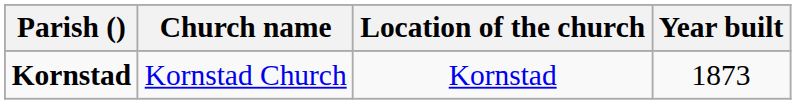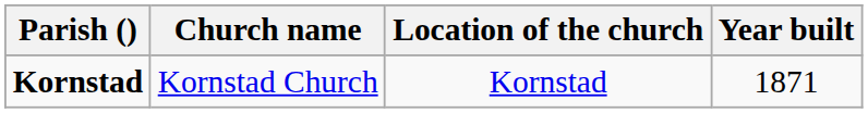 <table class="wikitable" style="text-align:center">
 <tr>
 <th>Parish ()</th>
 <th>Church name</th>
 <th>Location of the church</th>
 <th>Year built</th>
 </tr>
 <tr>
 <td rowspan="1"><strong>Kornstad</strong></td>
 <td><a href='#'>Kornstad Church</a></td>
 <td><a href='#'>Kornstad</a></td>
-<td>1873</td>
+<td>1871</td>
 </tr>
 </table>
